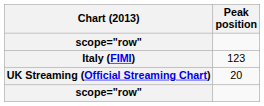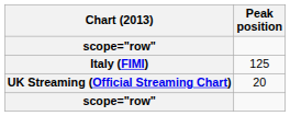 <table class="wikitable plainrowheaders sortable">
 <tr>
 <th scope="col">Chart (2013)</th>
 <th scope="col">Peak<br>position</th>
 </tr>
 <tr>
 <th>scope="row" </th>
 </tr>
 <tr>
 <th scope="row">Italy (<a href='#'>FIMI</a>)</th>
-<td align=center>123</td>
+<td align=center>125</td>
 </tr>
 <tr>
 <th scope="row">UK Streaming (<a href='#'>Official Streaming Chart</a>)</th>
 <td align=center>20</td>
 </tr>
 <tr>
 <th>scope="row" </th>
 </tr>
 </table>
